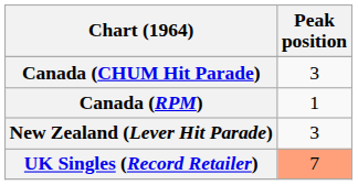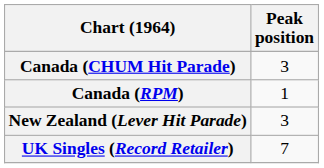 <table class="wikitable sortable plainrowheaders">
 <tr>
 <th scope="col">Chart (1964)</th>
 <th scope="col">Peak<br>position</th>
 </tr>
 <tr>
 </tr>
 <tr>
 <th scope="row">Canada (<a href='#'>CHUM Hit Parade</a>)</th>
 <td style="text-align:center;">3</td>
 </tr>
 <tr>
 <th scope="row">Canada (<em><a href='#'>RPM</a></em>)</th>
 <td style="text-align:center;">1</td>
 </tr>
 <tr>
 <th scope="row">New Zealand (<em>Lever Hit Parade</em>)</th>
 <td style="text-align:center;">3</td>
 </tr>
 <tr>
 <th scope="row"><a href='#'>UK Singles</a> (<em><a href='#'>Record Retailer</a></em>)</th>
-<td style="background: lightsalmon; text-align:center;">7</td>
+<td style="text-align:center;">7</td>
 </tr>
 <tr>
 </tr>
 <tr>
 </tr>
 </table>
